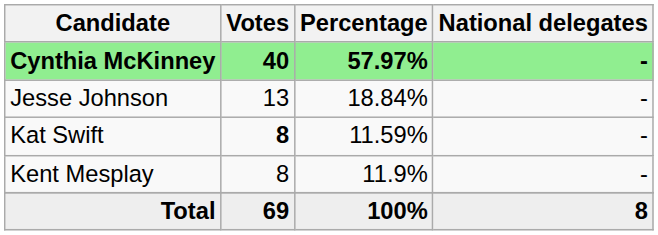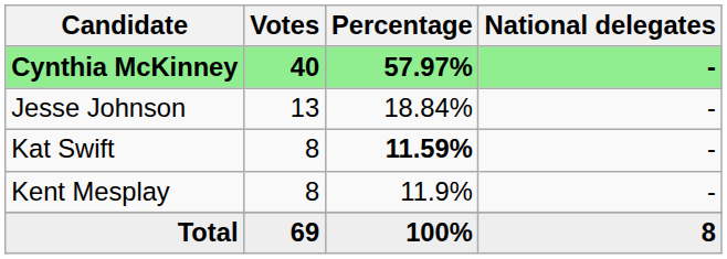 <table class="wikitable" style=" text-align:right;">
 <tr>
 <th>Candidate</th>
 <th>Votes</th>
 <th>Percentage</th>
 <th>National delegates</th>
 </tr>
 <tr style="background:lightgreen;">
 <td style="text-align:left;"><strong>Cynthia McKinney</strong></td>
 <td><strong>40</strong></td>
 <td><strong>57.97%</strong></td>
 <td><strong>-</strong></td>
 </tr>
 <tr>
 <td style="text-align:left;">Jesse Johnson</td>
 <td>13</td>
 <td>18.84%</td>
 <td>-</td>
 </tr>
 <tr>
 <td style="text-align:left;">Kat Swift</td>
-<td><strong>8</strong></td>
-<td>11.59%</td>
+<td>8</td>
+<td><strong>11.59%</strong></td>
 <td>-</td>
 </tr>
 <tr>
 <td style="text-align:left;">Kent Mesplay</td>
 <td>8</td>
 <td>11.9%</td>
 <td>-</td>
 </tr>
 <tr>
 </tr>
 <tr style="background:#eee;">
 <td style="margin-right:0.50px"><strong>Total</strong></td>
 <td style="margin-right:0.50px"><strong>69</strong></td>
 <td style="margin-right:0.50px"><strong>100%</strong></td>
 <td style="margin-right:0.50px"><strong>8</strong></td>
 </tr>
 </table>
